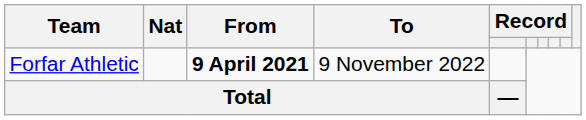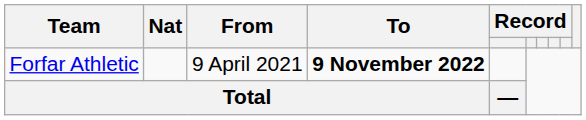 <table class="wikitable" style="text-align: center">
 <tr>
 <th rowspan="2">Team</th>
 <th rowspan="2">Nat</th>
 <th rowspan="2">From</th>
 <th rowspan="2">To</th>
 <th colspan="5">Record</th>
 <th rowspan=2></th>
 </tr>
 <tr>
 <th></th>
 <th></th>
 <th></th>
 <th></th>
 <th></th>
 </tr>
 <tr>
 <td align="left"><a href='#'>Forfar Athletic</a></td>
 <td align="center"></td>
-<td align="center"><strong>9 April 2021</strong></td>
-<td align="center">9 November 2022<br></td>
+<td align="center">9 April 2021</td>
+<td align="center"><strong>9 November 2022<br></strong></td>
 <td></td>
 </tr>
 <tr>
 <th colspan=4>Total<br></th>
 <th>—</th>
 </tr>
 </table>
